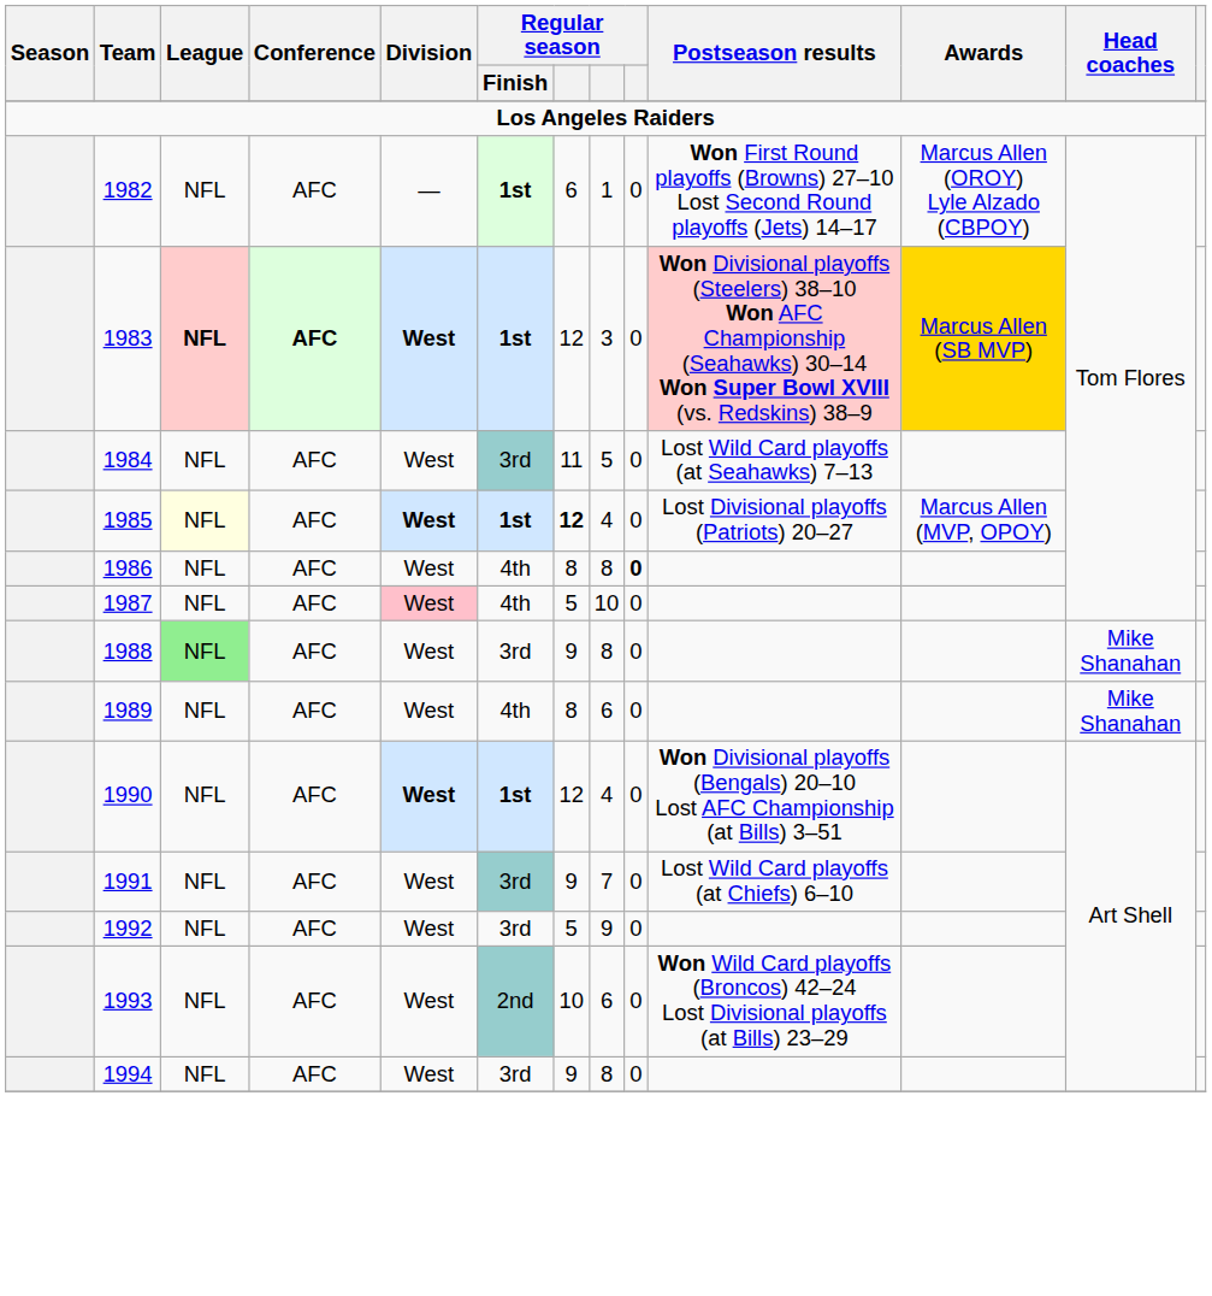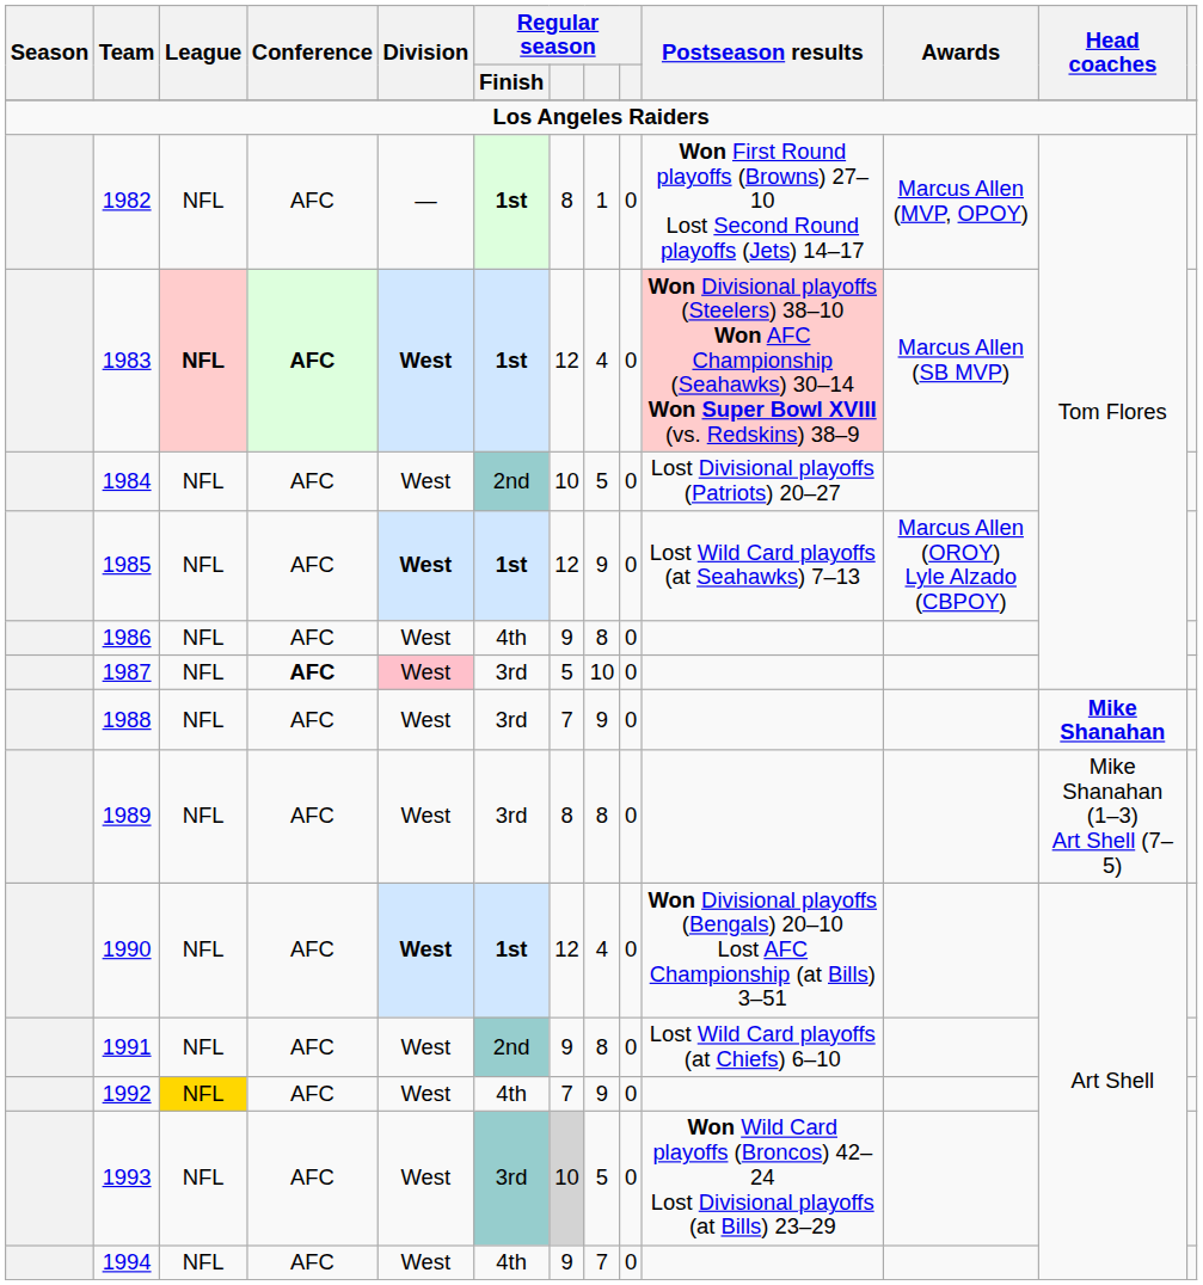 <table class='wikitable sortable sticky-header-multi' style="text-align:center">
 <tr>
 <th scope="col" rowspan="2">Season</th>
 <th scope="col" rowspan="2">Team</th>
 <th scope="col" rowspan="2">League</th>
 <th scope="col" rowspan="2">Conference</th>
 <th scope="col" rowspan="2">Division</th>
 <th scope="colgroup" colspan="4"><a href='#'>Regular season</a></th>
 <th scope="col" rowspan="2"><a href='#'>Postseason</a> results</th>
 <th scope="col" rowspan="2">Awards</th>
 <th scope="col" rowspan="2"><a href='#'>Head coaches</a></th>
 <th scope=col rowspan="2"></th>
 </tr>
 <tr>
 <th scope="col">Finish</th>
 <th scope="col"></th>
 <th scope="col"></th>
 <th scope="col"></th>
 </tr>
 <tr>
 </tr>
 <tr>
 <td colspan="13"><strong>Los Angeles Raiders</strong></td>
 </tr>
 <tr>
 <th></th>
 <td><a href='#'>1982</a></td>
 <td>NFL</td>
 <td>AFC</td>
 <td>—</td>
 <td bgcolor="#ddffdd"><strong>1st</strong></td>
-<td>6</td>
+<td>8</td>
 <td>1</td>
 <td>0</td>
 <td><strong>Won</strong> <a href='#'>First Round playoffs</a> (<a href='#'>Browns</a>) 27–10<br>Lost <a href='#'>Second Round playoffs</a> (<a href='#'>Jets</a>) 14–17</td>
-<td><a href='#'>Marcus Allen</a> (<a href='#'>OROY</a>)<br><a href='#'>Lyle Alzado</a> (<a href='#'>CBPOY</a>)</td>
+<td><a href='#'>Marcus Allen</a> (<a href='#'>MVP</a>, <a href='#'>OPOY</a>)</td>
 <td rowspan="6">Tom Flores</td>
 <td></td>
 </tr>
 <tr>
 <th></th>
 <td><a href='#'>1983</a></td>
 <td bgcolor="#FFCCCC"><strong>NFL</strong></td>
 <td bgcolor="#DDFFDD"><strong>AFC</strong></td>
 <td bgcolor="#D0E7FF"><strong>West</strong></td>
 <td bgcolor="#D0E7FF"><strong>1st</strong></td>
 <td>12</td>
-<td>3</td>
+<td>4</td>
 <td>0</td>
 <td style="background:#FFCCCC"><strong>Won</strong> <a href='#'>Divisional playoffs</a> (<a href='#'>Steelers</a>) 38–10<br><strong>Won</strong> <a href='#'>AFC Championship</a> (<a href='#'>Seahawks</a>) 30–14<br><strong>Won <a href='#'>Super Bowl XVIII</a> </strong> (vs. <a href='#'>Redskins</a>) 38–9</td>
-<td style="background: gold;"><a href='#'>Marcus Allen</a> (<a href='#'>SB MVP</a>)</td>
+<td><a href='#'>Marcus Allen</a> (<a href='#'>SB MVP</a>)</td>
 <td></td>
 </tr>
 <tr>
 <th></th>
 <td><a href='#'>1984</a></td>
 <td>NFL</td>
 <td>AFC</td>
 <td>West</td>
-<td bgcolor="#96CDCD">3rd</td>
-<td>11</td>
+<td bgcolor="#96CDCD">2nd</td>
+<td>10</td>
 <td>5</td>
 <td>0</td>
-<td>Lost <a href='#'>Wild Card playoffs</a> (at <a href='#'>Seahawks</a>) 7–13</td>
+<td>Lost <a href='#'>Divisional playoffs</a> (<a href='#'>Patriots</a>) 20–27</td>
 <td></td>
 <td></td>
 </tr>
 <tr>
 <th></th>
 <td><a href='#'>1985</a></td>
-<td style="background: lightyellow;">NFL</td>
+<td>NFL</td>
 <td>AFC</td>
 <td bgcolor="#D0E7FF"><strong>West</strong></td>
 <td bgcolor="#D0E7FF"><strong>1st</strong></td>
-<td><strong>12</strong></td>
-<td>4</td>
+<td>12</td>
+<td>9</td>
 <td>0</td>
-<td>Lost <a href='#'>Divisional playoffs</a> (<a href='#'>Patriots</a>) 20–27</td>
-<td><a href='#'>Marcus Allen</a> (<a href='#'>MVP</a>, <a href='#'>OPOY</a>)</td>
+<td>Lost <a href='#'>Wild Card playoffs</a> (at <a href='#'>Seahawks</a>) 7–13</td>
+<td><a href='#'>Marcus Allen</a> (<a href='#'>OROY</a>)<br><a href='#'>Lyle Alzado</a> (<a href='#'>CBPOY</a>)</td>
 <td></td>
 </tr>
 <tr>
 <th></th>
 <td><a href='#'>1986</a></td>
 <td>NFL</td>
 <td>AFC</td>
 <td>West</td>
 <td>4th</td>
+<td>9</td>
 <td>8</td>
-<td>8</td>
-<td><strong>0</strong></td>
+<td>0</td>
 <td></td>
 <td></td>
 <td></td>
 </tr>
 <tr>
 <th></th>
 <td><a href='#'>1987</a></td>
 <td>NFL</td>
-<td>AFC</td>
+<td><strong>AFC</strong></td>
 <td style="background: pink;">West</td>
-<td>4th</td>
+<td>3rd</td>
 <td>5</td>
 <td>10</td>
 <td>0</td>
 <td></td>
 <td></td>
 <td></td>
 </tr>
 <tr>
 <th></th>
 <td><a href='#'>1988</a></td>
-<td style="background: lightgreen;">NFL</td>
+<td>NFL</td>
 <td>AFC</td>
 <td>West</td>
 <td>3rd</td>
+<td>7</td>
 <td>9</td>
-<td>8</td>
 <td>0</td>
 <td></td>
 <td></td>
-<td><a href='#'>Mike Shanahan</a></td>
+<td><strong><a href='#'>Mike Shanahan</a></strong></td>
 <td></td>
 </tr>
 <tr>
 <th></th>
 <td><a href='#'>1989</a></td>
 <td>NFL</td>
 <td>AFC</td>
 <td>West</td>
-<td>4th</td>
+<td>3rd</td>
 <td>8</td>
-<td>6</td>
+<td>8</td>
 <td>0</td>
 <td></td>
 <td></td>
-<td><a href='#'>Mike Shanahan</a></td>
+<td>Mike Shanahan (1–3) <br> <a href='#'>Art Shell</a> (7–5)</td>
 <td></td>
 </tr>
 <tr>
 <th></th>
 <td><a href='#'>1990</a></td>
 <td>NFL</td>
 <td>AFC</td>
 <td bgcolor="#D0E7FF"><strong>West</strong></td>
 <td bgcolor="#D0E7FF"><strong>1st</strong></td>
 <td>12</td>
 <td>4</td>
 <td>0</td>
 <td><strong>Won</strong> <a href='#'>Divisional playoffs</a> (<a href='#'>Bengals</a>) 20–10<br>Lost <a href='#'>AFC Championship</a> (at <a href='#'>Bills</a>) 3–51</td>
 <td></td>
 <td rowspan="5">Art Shell</td>
 <td></td>
 </tr>
 <tr>
 <th></th>
 <td><a href='#'>1991</a></td>
 <td>NFL</td>
 <td>AFC</td>
 <td>West</td>
-<td bgcolor="#96CDCD">3rd</td>
+<td bgcolor="#96CDCD">2nd</td>
 <td>9</td>
-<td>7</td>
+<td>8</td>
 <td>0</td>
 <td>Lost <a href='#'>Wild Card playoffs</a> (at <a href='#'>Chiefs</a>) 6–10</td>
 <td></td>
 <td></td>
 </tr>
 <tr>
 <th></th>
 <td><a href='#'>1992</a></td>
-<td>NFL</td>
+<td style="background: gold;">NFL</td>
 <td>AFC</td>
 <td>West</td>
-<td>3rd</td>
-<td>5</td>
+<td>4th</td>
+<td>7</td>
 <td>9</td>
 <td>0</td>
 <td></td>
 <td></td>
 <td></td>
 </tr>
 <tr>
 <th></th>
 <td><a href='#'>1993</a></td>
 <td>NFL</td>
 <td>AFC</td>
 <td>West</td>
-<td bgcolor="#96CDCD">2nd</td>
-<td>10</td>
-<td>6</td>
+<td bgcolor="#96CDCD">3rd</td>
+<td style="background: lightgrey;">10</td>
+<td>5</td>
 <td>0</td>
 <td><strong>Won</strong> <a href='#'>Wild Card playoffs</a> (<a href='#'>Broncos</a>) 42–24<br>Lost <a href='#'>Divisional playoffs</a> (at <a href='#'>Bills</a>) 23–29</td>
 <td></td>
 <td></td>
 </tr>
 <tr>
 <th></th>
 <td><a href='#'>1994</a></td>
 <td>NFL</td>
 <td>AFC</td>
 <td>West</td>
-<td>3rd</td>
+<td>4th</td>
 <td>9</td>
-<td>8</td>
+<td>7</td>
 <td>0</td>
 <td></td>
 <td></td>
 <td></td>
 </tr>
 <tr>
 </tr>
 </table>
